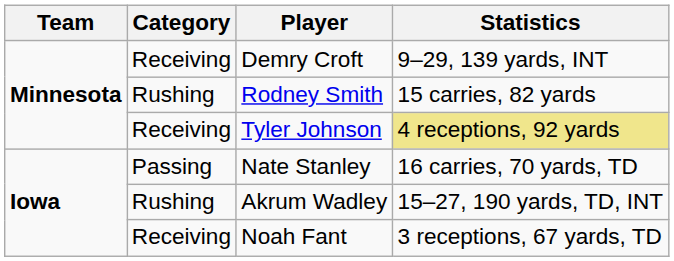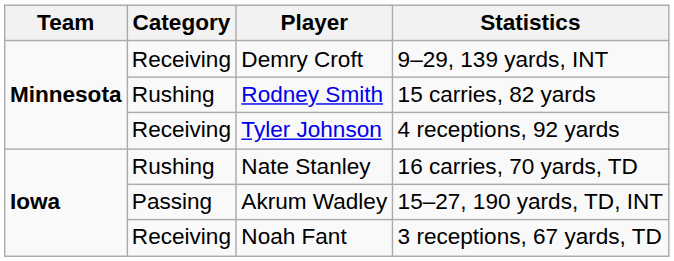 <table class="wikitable" style="float: left;">
 <tr>
 <th>Team</th>
 <th>Category</th>
 <th>Player</th>
 <th>Statistics</th>
 </tr>
 <tr>
 <td rowspan=3><strong>Minnesota</strong></td>
 <td>Receiving</td>
 <td>Demry Croft</td>
 <td>9–29, 139 yards, INT</td>
 </tr>
 <tr>
 <td>Rushing</td>
 <td><a href='#'>Rodney Smith</a></td>
 <td>15 carries, 82 yards</td>
 </tr>
 <tr>
 <td>Receiving</td>
 <td><a href='#'>Tyler Johnson</a></td>
-<td style="background: khaki;">4 receptions, 92 yards</td>
+<td>4 receptions, 92 yards</td>
 </tr>
 <tr>
 <td rowspan=3><strong>Iowa</strong></td>
-<td>Passing</td>
+<td>Rushing</td>
 <td>Nate Stanley</td>
 <td>16 carries, 70 yards, TD</td>
 </tr>
 <tr>
-<td>Rushing</td>
+<td>Passing</td>
 <td>Akrum Wadley</td>
 <td>15–27, 190 yards, TD, INT</td>
 </tr>
 <tr>
 <td>Receiving</td>
 <td>Noah Fant</td>
 <td>3 receptions, 67 yards, TD</td>
 </tr>
 </table>
